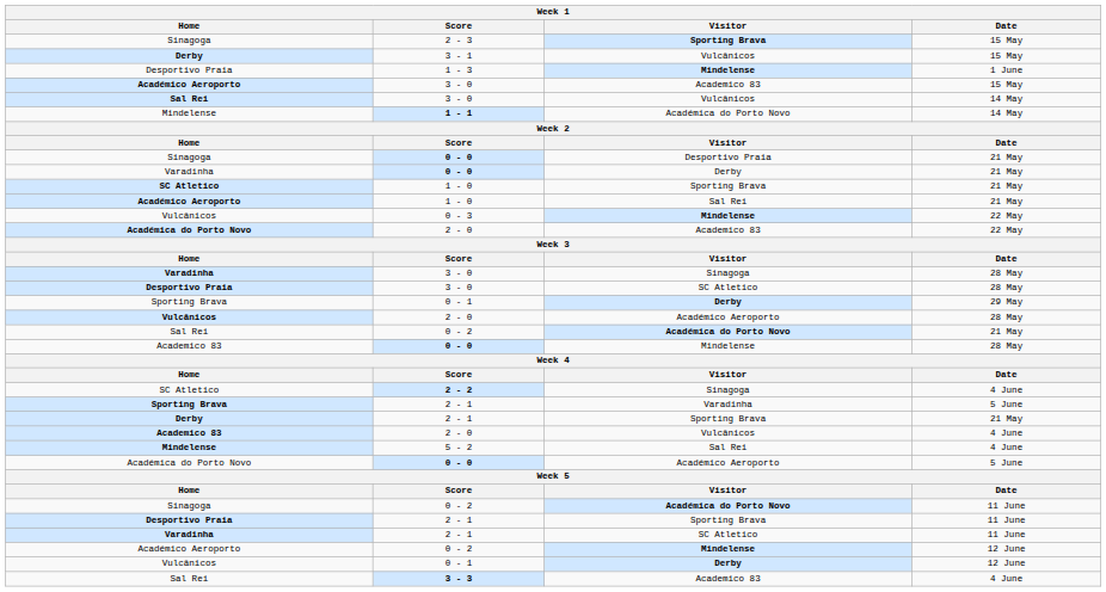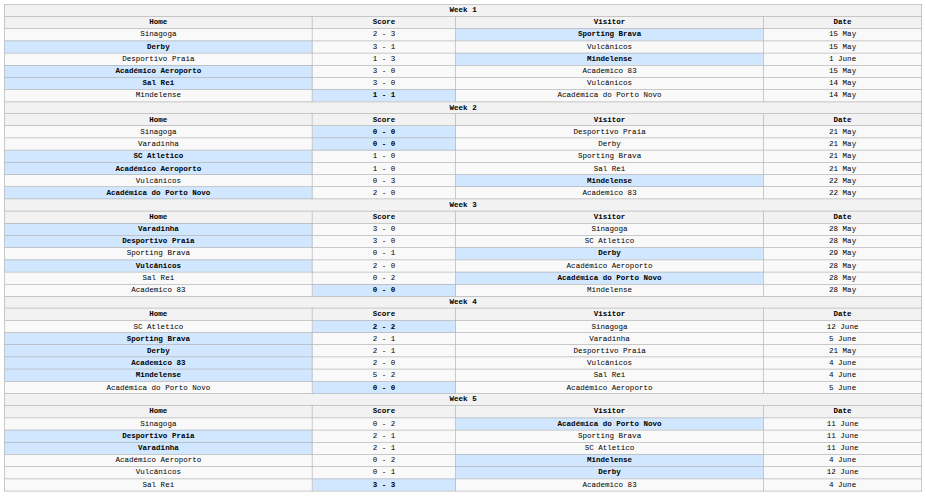 <table class="wikitable" style="margin:1em auto; font-size:95%; text-align: center; width: 95%;">
 <tr>
 <th colspan="12" style="with: 100%;" align=center>Week 1</th>
 </tr>
 <tr>
 <th width="200">Home</th>
 <th width="90">Score</th>
 <th width="200">Visitor</th>
 <th width="100">Date</th>
 </tr>
 <tr>
 <td>Sinagoga</td>
 <td>2 - 3</td>
 <td bgcolor=#D0E7FF><strong>Sporting Brava</strong></td>
 <td>15 May</td>
 </tr>
 <tr>
 <td bgcolor=#D0E7FF><strong>Derby</strong></td>
 <td>3 - 1</td>
 <td>Vulcânicos</td>
 <td>15 May</td>
 </tr>
 <tr>
 <td>Desportivo Praia</td>
 <td>1 - 3</td>
 <td bgcolor=#D0E7FF><strong>Mindelense</strong></td>
 <td>1 June</td>
 </tr>
 <tr>
 <td bgcolor=#D0E7FF><strong>Académico Aeroporto</strong></td>
 <td>3 - 0</td>
 <td>Academico 83</td>
 <td>15 May</td>
 </tr>
 <tr>
 <td bgcolor=#D0E7FF><strong>Sal Rei</strong></td>
 <td>3 - 0</td>
 <td>Vulcânicos</td>
 <td>14 May</td>
 </tr>
 <tr>
 <td>Mindelense</td>
 <td bgcolor=#D0E7FF><strong>1 - 1</strong></td>
 <td>Académica do Porto Novo</td>
 <td>14 May</td>
 </tr>
 <tr>
 <th colspan="12" style="with: 100%;">Week 2</th>
 </tr>
 <tr>
 <th width="200">Home</th>
 <th width="90">Score</th>
 <th width="200">Visitor</th>
 <th width="100">Date</th>
 </tr>
 <tr>
 <td>Sinagoga</td>
 <td bgcolor=#D0E7FF><strong>0 - 0</strong></td>
 <td>Desportivo Praia</td>
 <td>21 May</td>
 </tr>
 <tr>
 <td>Varadinha</td>
 <td bgcolor=#D0E7FF><strong>0 - 0</strong></td>
 <td>Derby</td>
 <td>21 May</td>
 </tr>
 <tr>
 <td bgcolor=#D0E7FF><strong>SC Atletico</strong></td>
 <td>1 - 0</td>
 <td>Sporting Brava</td>
 <td>21 May</td>
 </tr>
 <tr>
 <td bgcolor=#D0E7FF><strong>Académico Aeroporto</strong></td>
 <td>1 - 0</td>
 <td>Sal Rei</td>
 <td>21 May</td>
 </tr>
 <tr>
 <td>Vulcânicos</td>
 <td>0 - 3</td>
 <td bgcolor=#D0E7FF><strong>Mindelense</strong></td>
 <td>22 May</td>
 </tr>
 <tr>
 <td bgcolor=#D0E7FF><strong>Académica do Porto Novo</strong></td>
 <td>2 - 0</td>
 <td>Academico 83</td>
 <td>22 May</td>
 </tr>
 <tr>
 <th colspan="12" style="with: 100%;">Week 3</th>
 </tr>
 <tr>
 <th width="200">Home</th>
 <th width="90">Score</th>
 <th width="200">Visitor</th>
 <th width="100">Date</th>
 </tr>
 <tr>
 <td bgcolor=#D0E7FF><strong>Varadinha</strong></td>
 <td>3 - 0</td>
 <td>Sinagoga</td>
 <td>28 May</td>
 </tr>
 <tr>
 <td bgcolor=#D0E7FF><strong>Desportivo Praia</strong></td>
 <td>3 - 0</td>
 <td>SC Atletico</td>
 <td>28 May</td>
 </tr>
 <tr>
 <td>Sporting Brava</td>
 <td>0 - 1</td>
 <td bgcolor=#D0E7FF><strong>Derby</strong></td>
 <td>29 May</td>
 </tr>
 <tr>
 <td bgcolor=#D0E7FF><strong>Vulcânicos</strong></td>
 <td>2 - 0</td>
 <td>Académico Aeroporto</td>
 <td>28 May</td>
 </tr>
 <tr>
 <td>Sal Rei</td>
 <td>0 - 2</td>
 <td bgcolor=#D0E7FF><strong>Académica do Porto Novo</strong></td>
-<td>21 May</td>
+<td>28 May</td>
 </tr>
 <tr>
 <td>Academico 83</td>
 <td bgcolor=#D0E7FF><strong>0 - 0</strong></td>
 <td>Mindelense</td>
 <td>28 May</td>
 </tr>
 <tr>
 <th colspan="12" style="with: 100%;">Week 4</th>
 </tr>
 <tr>
 <th width="200">Home</th>
 <th width="90">Score</th>
 <th width="200">Visitor</th>
 <th width="100">Date</th>
 </tr>
 <tr>
 <td>SC Atletico</td>
 <td bgcolor=#D0E7FF><strong>2 - 2</strong></td>
 <td>Sinagoga</td>
-<td>4 June</td>
+<td>12 June</td>
 </tr>
 <tr>
 <td bgcolor=#D0E7FF><strong>Sporting Brava</strong></td>
 <td>2 - 1</td>
 <td>Varadinha</td>
 <td>5 June</td>
 </tr>
 <tr>
 <td bgcolor=#D0E7FF><strong>Derby</strong></td>
 <td>2 - 1</td>
-<td>Sporting Brava</td>
+<td>Desportivo Praia</td>
 <td>21 May</td>
 </tr>
 <tr>
 <td bgcolor=#D0E7FF><strong>Academico 83</strong></td>
 <td>2 - 0</td>
 <td>Vulcânicos</td>
 <td>4 June</td>
 </tr>
 <tr>
 <td bgcolor=#D0E7FF><strong>Mindelense</strong></td>
 <td>5 - 2</td>
 <td>Sal Rei</td>
 <td>4 June</td>
 </tr>
 <tr>
 <td>Académica do Porto Novo</td>
 <td bgcolor=#D0E7FF><strong>0 - 0</strong></td>
 <td>Académico Aeroporto</td>
 <td>5 June</td>
 </tr>
 <tr>
 <th colspan="12" style="with: 100%;">Week 5</th>
 </tr>
 <tr>
 <th width="200">Home</th>
 <th width="90">Score</th>
 <th width="200">Visitor</th>
 <th width="100">Date</th>
 </tr>
 <tr>
 <td>Sinagoga</td>
 <td>0 - 2</td>
 <td bgcolor=#D0E7FF><strong>Académica do Porto Novo</strong></td>
 <td>11 June</td>
 </tr>
 <tr>
 <td bgcolor=#D0E7FF><strong>Desportivo Praia</strong></td>
 <td>2 - 1</td>
 <td>Sporting Brava</td>
 <td>11 June</td>
 </tr>
 <tr>
 <td bgcolor=#D0E7FF><strong>Varadinha</strong></td>
 <td>2 - 1</td>
 <td>SC Atletico</td>
 <td>11 June</td>
 </tr>
 <tr>
 <td>Académico Aeroporto</td>
 <td>0 - 2</td>
 <td bgcolor=#D0E7FF><strong>Mindelense</strong></td>
-<td>12 June</td>
+<td>4 June</td>
 </tr>
 <tr>
 <td>Vulcânicos</td>
 <td>0 - 1</td>
 <td bgcolor=#D0E7FF><strong>Derby</strong></td>
 <td>12 June</td>
 </tr>
 <tr>
 <td>Sal Rei</td>
 <td bgcolor=#D0E7FF><strong>3 - 3</strong></td>
 <td>Academico 83</td>
 <td>4 June</td>
 </tr>
 </table>
